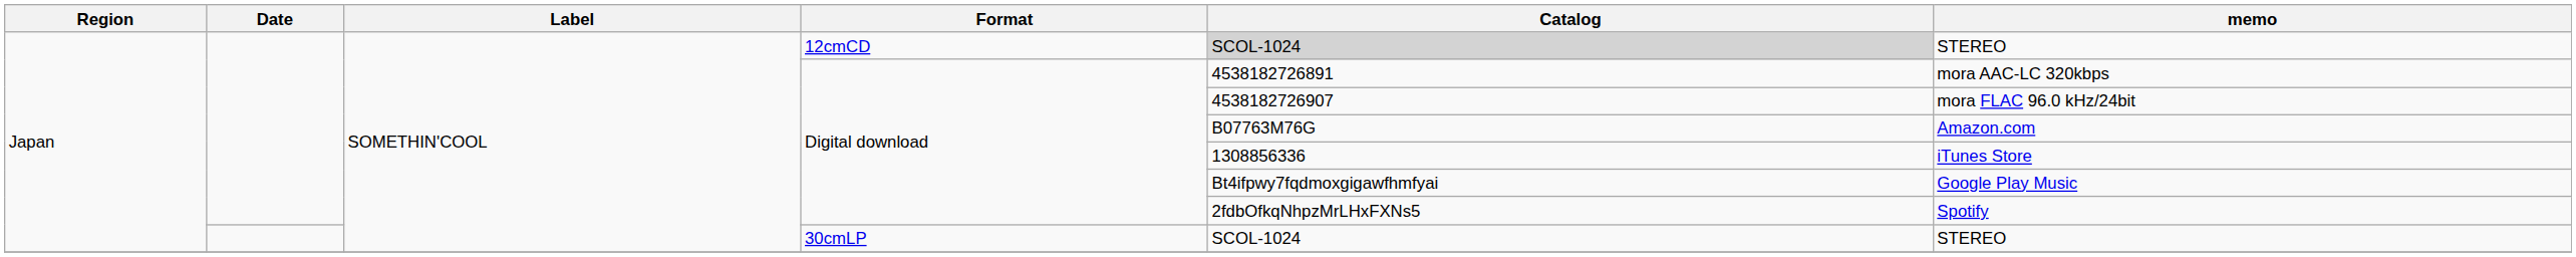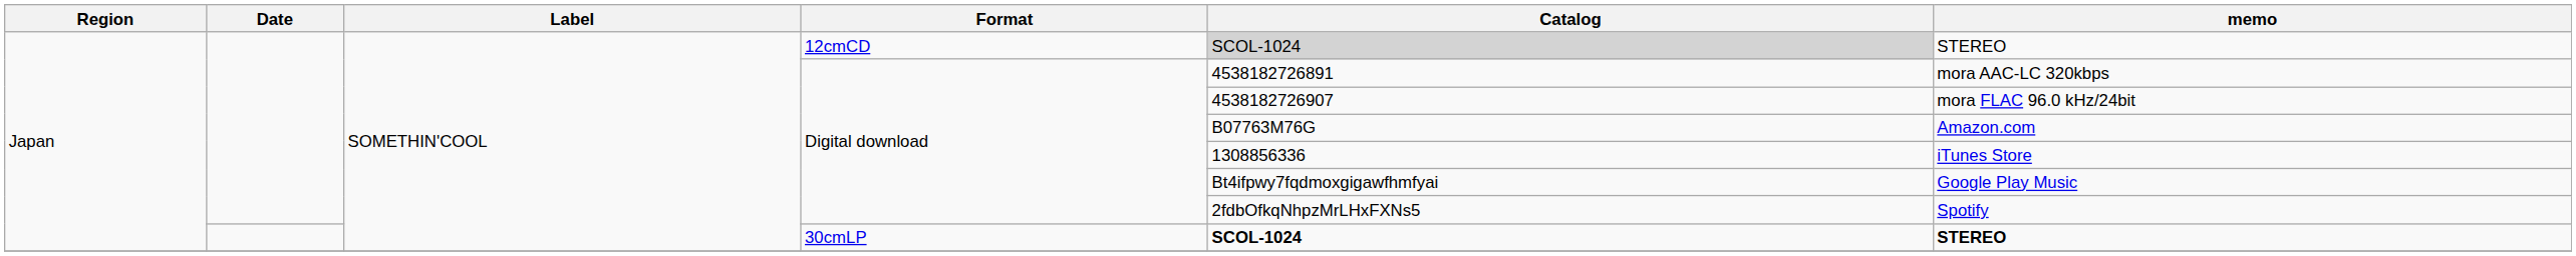 <table class="wikitable sortable" style="margin:0 auto; font-size:small; width:100%">
 <tr>
 <th>Region</th>
 <th>Date</th>
 <th>Label</th>
 <th>Format</th>
 <th>Catalog</th>
 <th>memo</th>
 </tr>
 <tr>
 <td rowspan="8">Japan</td>
 <td rowspan="7"></td>
 <td rowspan="8">SOMETHIN'COOL</td>
 <td><a href='#'>12cmCD</a></td>
 <td style="background: lightgrey;">SCOL-1024</td>
 <td>STEREO</td>
 </tr>
 <tr>
 <td rowspan="6">Digital download</td>
 <td>4538182726891</td>
 <td>mora AAC-LC 320kbps</td>
 </tr>
 <tr>
 <td>4538182726907</td>
 <td>mora <a href='#'>FLAC</a> 96.0 kHz/24bit</td>
 </tr>
 <tr>
 <td>B07763M76G</td>
 <td><a href='#'>Amazon.com</a></td>
 </tr>
 <tr>
 <td>1308856336</td>
 <td><a href='#'>iTunes Store</a></td>
 </tr>
 <tr>
 <td>Bt4ifpwy7fqdmoxgigawfhmfyai</td>
 <td><a href='#'>Google Play Music</a></td>
 </tr>
 <tr>
 <td>2fdbOfkqNhpzMrLHxFXNs5</td>
 <td><a href='#'>Spotify</a></td>
 </tr>
 <tr>
 <td></td>
 <td><a href='#'>30cmLP</a></td>
-<td>SCOL-1024</td>
-<td>STEREO</td>
+<td><strong>SCOL-1024</strong></td>
+<td><strong>STEREO</strong></td>
 </tr>
 <tr>
 </tr>
 </table>
